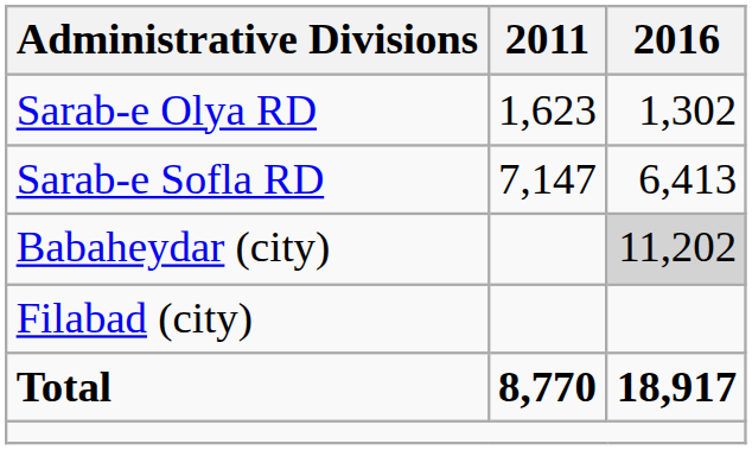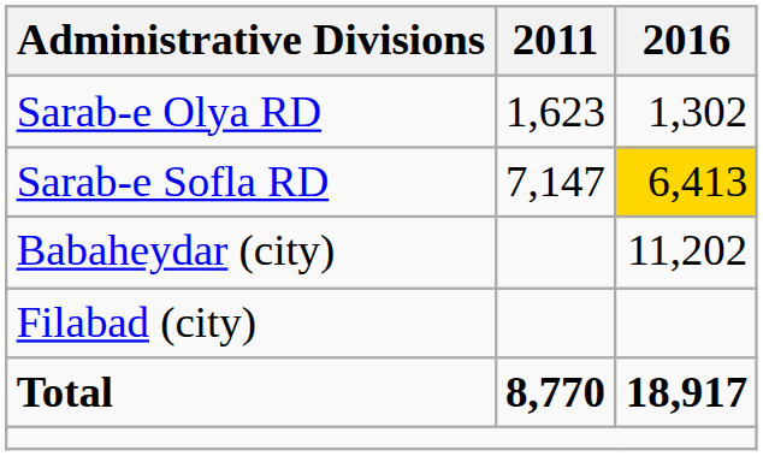 <table class="wikitable">
 <tr>
 <th>Administrative Divisions</th>
 <th>2011</th>
 <th>2016</th>
 </tr>
 <tr>
 <td><a href='#'>Sarab-e Olya RD</a></td>
 <td style="text-align: right;">1,623</td>
 <td style="text-align: right;">1,302</td>
 </tr>
 <tr>
 <td><a href='#'>Sarab-e Sofla RD</a></td>
 <td style="text-align: right;">7,147</td>
-<td style="text-align: right;">6,413</td>
+<td style="background: gold; text-align: right;">6,413</td>
 </tr>
 <tr>
 <td><a href='#'>Babaheydar</a> (city)</td>
 <td style="text-align: right;"></td>
-<td style="background: lightgrey; text-align: right;">11,202</td>
+<td style="text-align: right;">11,202</td>
 </tr>
 <tr>
 <td><a href='#'>Filabad</a> (city)</td>
 <td style="text-align: right;"></td>
 <td style="text-align: right;"></td>
 </tr>
 <tr>
 <td><strong>Total</strong></td>
 <td style="text-align: right;"><strong>8,770</strong></td>
 <td style="text-align: right;"><strong>18,917</strong></td>
 </tr>
 <tr>
 <td colspan=3></td>
 </tr>
 </table>
